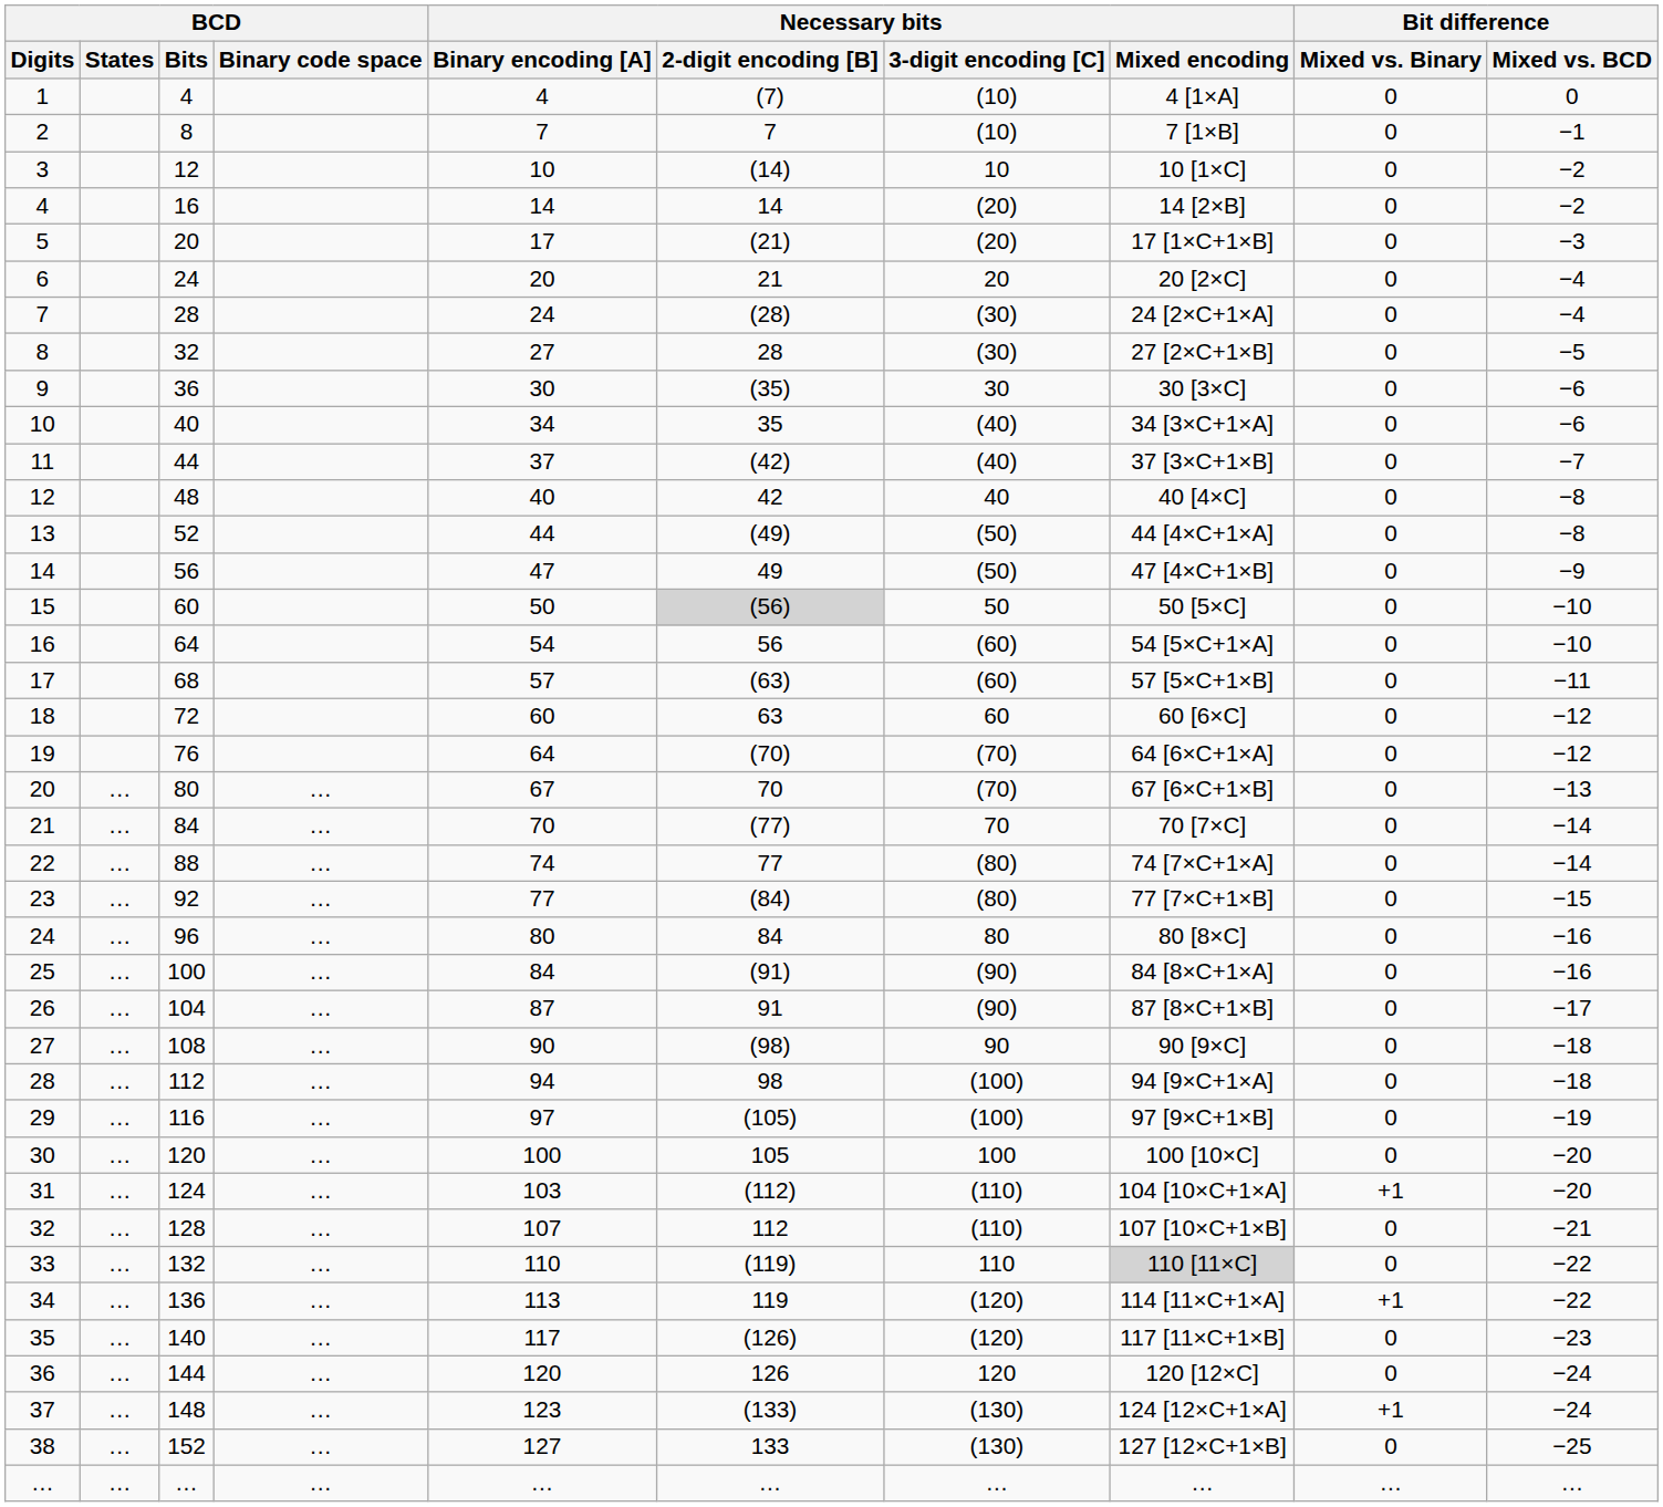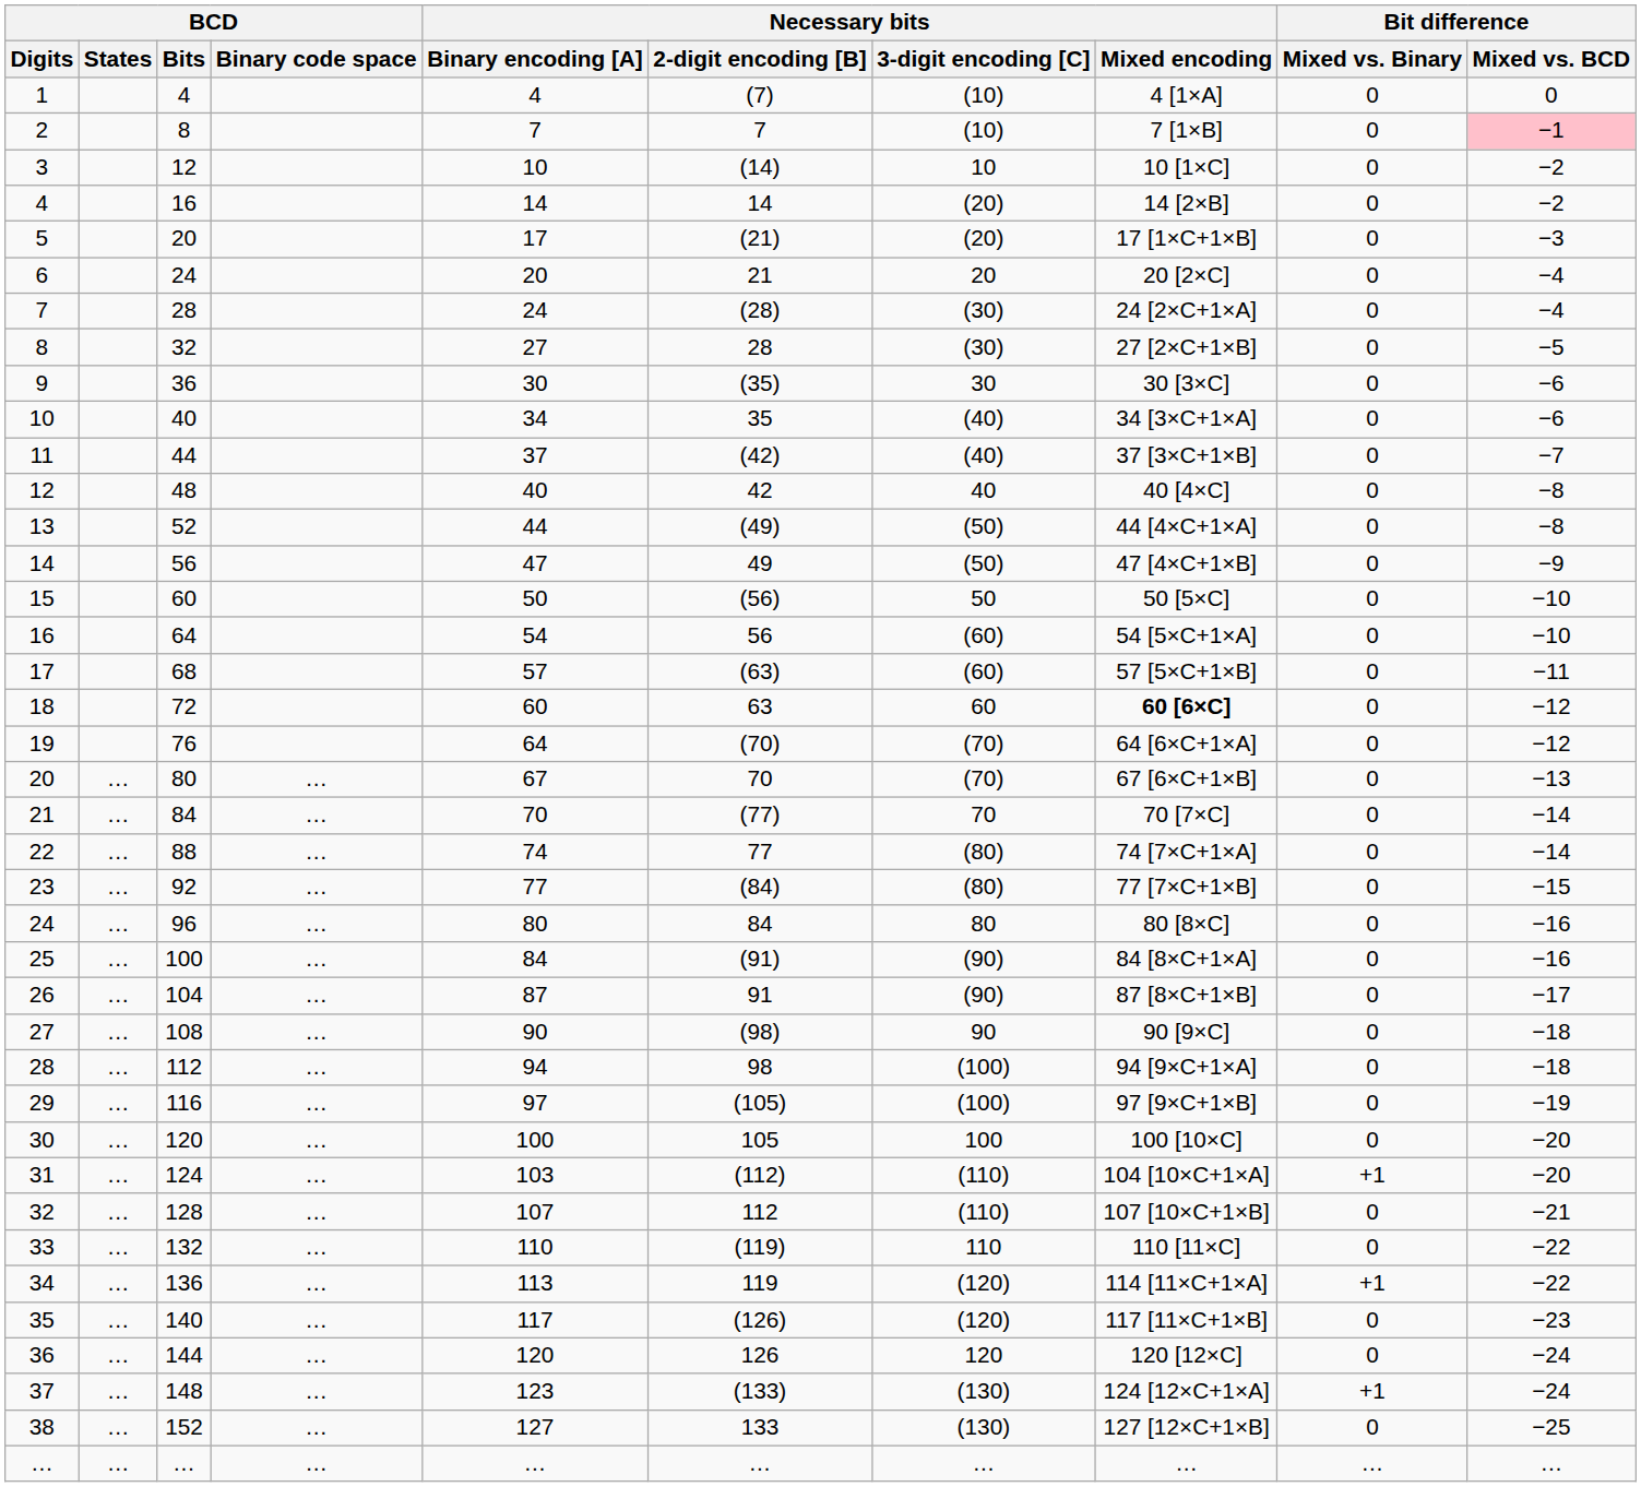 <table class="wikitable" border="1" style="text-align:center">
 <tr>
 <th colspan="4">BCD</th>
 <th colspan="4">Necessary bits</th>
 <th colspan="2">Bit difference</th>
 </tr>
 <tr>
 <th>Digits</th>
 <th>States</th>
 <th>Bits</th>
 <th>Binary code space</th>
 <th>Binary encoding [A]</th>
 <th>2-digit encoding [B]</th>
 <th>3-digit encoding [C]</th>
 <th>Mixed encoding</th>
 <th>Mixed vs. Binary</th>
 <th>Mixed vs. BCD</th>
 </tr>
 <tr>
 <td>1</td>
 <td></td>
 <td>4</td>
 <td></td>
 <td>4</td>
 <td>(7)</td>
 <td>(10)</td>
 <td>4 [1×A]</td>
 <td>0</td>
 <td>0</td>
 </tr>
 <tr>
 <td>2</td>
 <td></td>
 <td>8</td>
 <td></td>
 <td>7</td>
 <td>7</td>
 <td>(10)</td>
 <td>7 [1×B]</td>
 <td>0</td>
-<td>−1</td>
+<td style="background: pink;">−1</td>
 </tr>
 <tr>
 <td>3</td>
 <td></td>
 <td>12</td>
 <td></td>
 <td>10</td>
 <td>(14)</td>
 <td>10</td>
 <td>10 [1×C]</td>
 <td>0</td>
 <td>−2</td>
 </tr>
 <tr>
 <td>4</td>
 <td></td>
 <td>16</td>
 <td></td>
 <td>14</td>
 <td>14</td>
 <td>(20)</td>
 <td>14 [2×B]</td>
 <td>0</td>
 <td>−2</td>
 </tr>
 <tr>
 <td>5</td>
 <td></td>
 <td>20</td>
 <td></td>
 <td>17</td>
 <td>(21)</td>
 <td>(20)</td>
 <td>17 [1×C+1×B]</td>
 <td>0</td>
 <td>−3</td>
 </tr>
 <tr>
 <td>6</td>
 <td></td>
 <td>24</td>
 <td></td>
 <td>20</td>
 <td>21</td>
 <td>20</td>
 <td>20 [2×C]</td>
 <td>0</td>
 <td>−4</td>
 </tr>
 <tr>
 <td>7</td>
 <td></td>
 <td>28</td>
 <td></td>
 <td>24</td>
 <td>(28)</td>
 <td>(30)</td>
 <td>24 [2×C+1×A]</td>
 <td>0</td>
 <td>−4</td>
 </tr>
 <tr>
 <td>8</td>
 <td></td>
 <td>32</td>
 <td></td>
 <td>27</td>
 <td>28</td>
 <td>(30)</td>
 <td>27 [2×C+1×B]</td>
 <td>0</td>
 <td>−5</td>
 </tr>
 <tr>
 <td>9</td>
 <td></td>
 <td>36</td>
 <td></td>
 <td>30</td>
 <td>(35)</td>
 <td>30</td>
 <td>30 [3×C]</td>
 <td>0</td>
 <td>−6</td>
 </tr>
 <tr>
 <td>10</td>
 <td></td>
 <td>40</td>
 <td></td>
 <td>34</td>
 <td>35</td>
 <td>(40)</td>
 <td>34 [3×C+1×A]</td>
 <td>0</td>
 <td>−6</td>
 </tr>
 <tr>
 <td>11</td>
 <td></td>
 <td>44</td>
 <td></td>
 <td>37</td>
 <td>(42)</td>
 <td>(40)</td>
 <td>37 [3×C+1×B]</td>
 <td>0</td>
 <td>−7</td>
 </tr>
 <tr>
 <td>12</td>
 <td></td>
 <td>48</td>
 <td></td>
 <td>40</td>
 <td>42</td>
 <td>40</td>
 <td>40 [4×C]</td>
 <td>0</td>
 <td>−8</td>
 </tr>
 <tr>
 <td>13</td>
 <td></td>
 <td>52</td>
 <td></td>
 <td>44</td>
 <td>(49)</td>
 <td>(50)</td>
 <td>44 [4×C+1×A]</td>
 <td>0</td>
 <td>−8</td>
 </tr>
 <tr>
 <td>14</td>
 <td></td>
 <td>56</td>
 <td></td>
 <td>47</td>
 <td>49</td>
 <td>(50)</td>
 <td>47 [4×C+1×B]</td>
 <td>0</td>
 <td>−9</td>
 </tr>
 <tr>
 <td>15</td>
 <td></td>
 <td>60</td>
 <td></td>
 <td>50</td>
-<td style="background: lightgrey;">(56)</td>
+<td>(56)</td>
 <td>50</td>
 <td>50 [5×C]</td>
 <td>0</td>
 <td>−10</td>
 </tr>
 <tr>
 <td>16</td>
 <td></td>
 <td>64</td>
 <td></td>
 <td>54</td>
 <td>56</td>
 <td>(60)</td>
 <td>54 [5×C+1×A]</td>
 <td>0</td>
 <td>−10</td>
 </tr>
 <tr>
 <td>17</td>
 <td></td>
 <td>68</td>
 <td></td>
 <td>57</td>
 <td>(63)</td>
 <td>(60)</td>
 <td>57 [5×C+1×B]</td>
 <td>0</td>
 <td>−11</td>
 </tr>
 <tr>
 <td>18</td>
 <td></td>
 <td>72</td>
 <td></td>
 <td>60</td>
 <td>63</td>
 <td>60</td>
-<td>60 [6×C]</td>
+<td><strong>60 [6×C]</strong></td>
 <td>0</td>
 <td>−12</td>
 </tr>
 <tr>
 <td>19</td>
 <td></td>
 <td>76</td>
 <td></td>
 <td>64</td>
 <td>(70)</td>
 <td>(70)</td>
 <td>64 [6×C+1×A]</td>
 <td>0</td>
 <td>−12</td>
 </tr>
 <tr>
 <td>20</td>
 <td>…</td>
 <td>80</td>
 <td>…</td>
 <td>67</td>
 <td>70</td>
 <td>(70)</td>
 <td>67 [6×C+1×B]</td>
 <td>0</td>
 <td>−13</td>
 </tr>
 <tr>
 <td>21</td>
 <td>…</td>
 <td>84</td>
 <td>…</td>
 <td>70</td>
 <td>(77)</td>
 <td>70</td>
 <td>70 [7×C]</td>
 <td>0</td>
 <td>−14</td>
 </tr>
 <tr>
 <td>22</td>
 <td>…</td>
 <td>88</td>
 <td>…</td>
 <td>74</td>
 <td>77</td>
 <td>(80)</td>
 <td>74 [7×C+1×A]</td>
 <td>0</td>
 <td>−14</td>
 </tr>
 <tr>
 <td>23</td>
 <td>…</td>
 <td>92</td>
 <td>…</td>
 <td>77</td>
 <td>(84)</td>
 <td>(80)</td>
 <td>77 [7×C+1×B]</td>
 <td>0</td>
 <td>−15</td>
 </tr>
 <tr>
 <td>24</td>
 <td>…</td>
 <td>96</td>
 <td>…</td>
 <td>80</td>
 <td>84</td>
 <td>80</td>
 <td>80 [8×C]</td>
 <td>0</td>
 <td>−16</td>
 </tr>
 <tr>
 <td>25</td>
 <td>…</td>
 <td>100</td>
 <td>…</td>
 <td>84</td>
 <td>(91)</td>
 <td>(90)</td>
 <td>84 [8×C+1×A]</td>
 <td>0</td>
 <td>−16</td>
 </tr>
 <tr>
 <td>26</td>
 <td>…</td>
 <td>104</td>
 <td>…</td>
 <td>87</td>
 <td>91</td>
 <td>(90)</td>
 <td>87 [8×C+1×B]</td>
 <td>0</td>
 <td>−17</td>
 </tr>
 <tr>
 <td>27</td>
 <td>…</td>
 <td>108</td>
 <td>…</td>
 <td>90</td>
 <td>(98)</td>
 <td>90</td>
 <td>90 [9×C]</td>
 <td>0</td>
 <td>−18</td>
 </tr>
 <tr>
 <td>28</td>
 <td>…</td>
 <td>112</td>
 <td>…</td>
 <td>94</td>
 <td>98</td>
 <td>(100)</td>
 <td>94 [9×C+1×A]</td>
 <td>0</td>
 <td>−18</td>
 </tr>
 <tr>
 <td>29</td>
 <td>…</td>
 <td>116</td>
 <td>…</td>
 <td>97</td>
 <td>(105)</td>
 <td>(100)</td>
 <td>97 [9×C+1×B]</td>
 <td>0</td>
 <td>−19</td>
 </tr>
 <tr>
 <td>30</td>
 <td>…</td>
 <td>120</td>
 <td>…</td>
 <td>100</td>
 <td>105</td>
 <td>100</td>
 <td>100 [10×C]</td>
 <td>0</td>
 <td>−20</td>
 </tr>
 <tr>
 <td>31</td>
 <td>…</td>
 <td>124</td>
 <td>…</td>
 <td>103</td>
 <td>(112)</td>
 <td>(110)</td>
 <td>104 [10×C+1×A]</td>
 <td>+1</td>
 <td>−20</td>
 </tr>
 <tr>
 <td>32</td>
 <td>…</td>
 <td>128</td>
 <td>…</td>
 <td>107</td>
 <td>112</td>
 <td>(110)</td>
 <td>107 [10×C+1×B]</td>
 <td>0</td>
 <td>−21</td>
 </tr>
 <tr>
 <td>33</td>
 <td>…</td>
 <td>132</td>
 <td>…</td>
 <td>110</td>
 <td>(119)</td>
 <td>110</td>
-<td style="background: lightgrey;">110 [11×C]</td>
+<td>110 [11×C]</td>
 <td>0</td>
 <td>−22</td>
 </tr>
 <tr>
 <td>34</td>
 <td>…</td>
 <td>136</td>
 <td>…</td>
 <td>113</td>
 <td>119</td>
 <td>(120)</td>
 <td>114 [11×C+1×A]</td>
 <td>+1</td>
 <td>−22</td>
 </tr>
 <tr>
 <td>35</td>
 <td>…</td>
 <td>140</td>
 <td>…</td>
 <td>117</td>
 <td>(126)</td>
 <td>(120)</td>
 <td>117 [11×C+1×B]</td>
 <td>0</td>
 <td>−23</td>
 </tr>
 <tr>
 <td>36</td>
 <td>…</td>
 <td>144</td>
 <td>…</td>
 <td>120</td>
 <td>126</td>
 <td>120</td>
 <td>120 [12×C]</td>
 <td>0</td>
 <td>−24</td>
 </tr>
 <tr>
 <td>37</td>
 <td>…</td>
 <td>148</td>
 <td>…</td>
 <td>123</td>
 <td>(133)</td>
 <td>(130)</td>
 <td>124 [12×C+1×A]</td>
 <td>+1</td>
 <td>−24</td>
 </tr>
 <tr>
 <td>38</td>
 <td>…</td>
 <td>152</td>
 <td>…</td>
 <td>127</td>
 <td>133</td>
 <td>(130)</td>
 <td>127 [12×C+1×B]</td>
 <td>0</td>
 <td>−25</td>
 </tr>
 <tr>
 <td>…</td>
 <td>…</td>
 <td>…</td>
 <td>…</td>
 <td>…</td>
 <td>…</td>
 <td>…</td>
 <td>…</td>
 <td>…</td>
 <td>…</td>
 </tr>
 </table>
